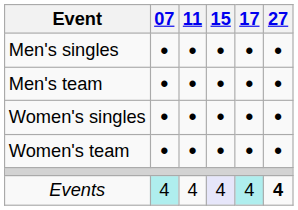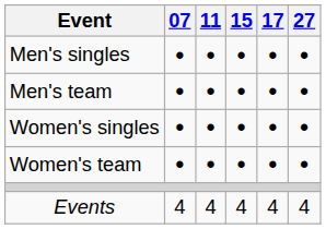 <table class="wikitable" style="text-align:center">
 <tr>
 <th>Event</th>
 <th><a href='#'>07</a></th>
 <th><a href='#'>11</a></th>
 <th><a href='#'>15</a></th>
 <th><a href='#'>17</a></th>
 <th><a href='#'>27</a></th>
 </tr>
 <tr>
 <td align=left>Men's singles</td>
 <td><big><strong>•</strong></big></td>
 <td><big><strong>•</strong></big></td>
 <td><big><strong>•</strong></big></td>
 <td><big><strong>•</strong></big></td>
 <td><big><strong>•</strong></big></td>
 </tr>
 <tr>
 <td align=left>Men's team</td>
 <td><big><strong>•</strong></big></td>
 <td><big><strong>•</strong></big></td>
 <td><big><strong>•</strong></big></td>
 <td><big><strong>•</strong></big></td>
 <td><big><strong>•</strong></big></td>
 </tr>
 <tr>
 <td align=left>Women's singles</td>
 <td><big><strong>•</strong></big></td>
 <td><big><strong>•</strong></big></td>
 <td><big><strong>•</strong></big></td>
 <td><big><strong>•</strong></big></td>
 <td><big><strong>•</strong></big></td>
 </tr>
 <tr>
 <td align=left>Women's team</td>
 <td><big><strong>•</strong></big></td>
 <td><big><strong>•</strong></big></td>
 <td><big><strong>•</strong></big></td>
 <td><big><strong>•</strong></big></td>
 <td><big><strong>•</strong></big></td>
 </tr>
 <tr bgcolor=lightgray>
 <td colspan=7></td>
 </tr>
 <tr>
 <td><em>Events</em></td>
-<td style="background: paleturquoise;">4</td>
 <td>4</td>
-<td style="background: lavender;">4</td>
-<td style="background: paleturquoise;">4</td>
-<td><strong>4</strong></td>
+<td>4</td>
+<td>4</td>
+<td>4</td>
+<td>4</td>
 </tr>
 </table>
